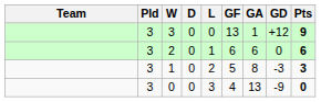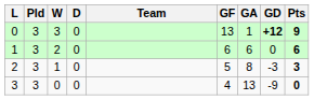 <table class="wikitable" style="text-align: center;">
 <tr>
-<th width="175">Team</th>
+<th width="20">L</th>
 <th width="20">Pld</th>
 <th width="20">W</th>
 <th width="20">D</th>
-<th width="20">L</th>
+<th width="175">Team</th>
 <th width="20">GF</th>
 <th width="20">GA</th>
 <th width="20">GD</th>
 <th width="20">Pts</th>
 </tr>
 <tr bgcolor="#ccffcc">
-<td style="text-align:left;"></td>
+<td>0</td>
 <td>3</td>
 <td>3</td>
 <td>0</td>
-<td>0</td>
+<td style="text-align:left;"></td>
 <td>13</td>
 <td>1</td>
-<td>+12</td>
+<td><strong>+12</strong></td>
 <td><strong>9</strong></td>
 </tr>
 <tr align=center bgcolor="ccffcc">
-<td style="text-align:left;"></td>
+<td>1</td>
 <td>3</td>
 <td>2</td>
 <td>0</td>
-<td>1</td>
+<td style="text-align:left;"></td>
 <td>6</td>
 <td>6</td>
 <td>0</td>
 <td><strong>6</strong></td>
 </tr>
 <tr align=center>
-<td style="text-align:left;"></td>
+<td>2</td>
 <td>3</td>
 <td>1</td>
 <td>0</td>
-<td>2</td>
+<td style="text-align:left;"></td>
 <td>5</td>
 <td>8</td>
 <td>-3</td>
 <td><strong>3</strong></td>
 </tr>
 <tr align=center>
-<td style="text-align:left;"><strong></strong></td>
+<td>3</td>
 <td>3</td>
 <td>0</td>
 <td>0</td>
-<td>3</td>
+<td style="text-align:left;"><strong></strong></td>
 <td>4</td>
 <td>13</td>
 <td>-9</td>
 <td><strong>0</strong></td>
 </tr>
 </table>
